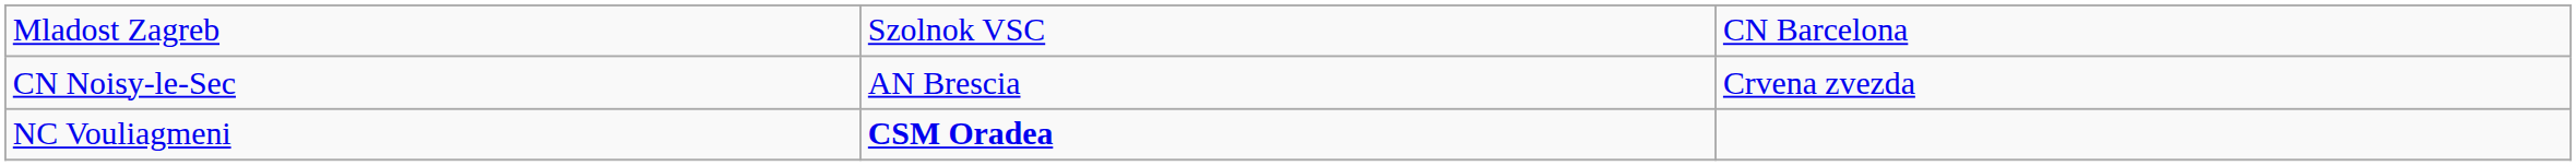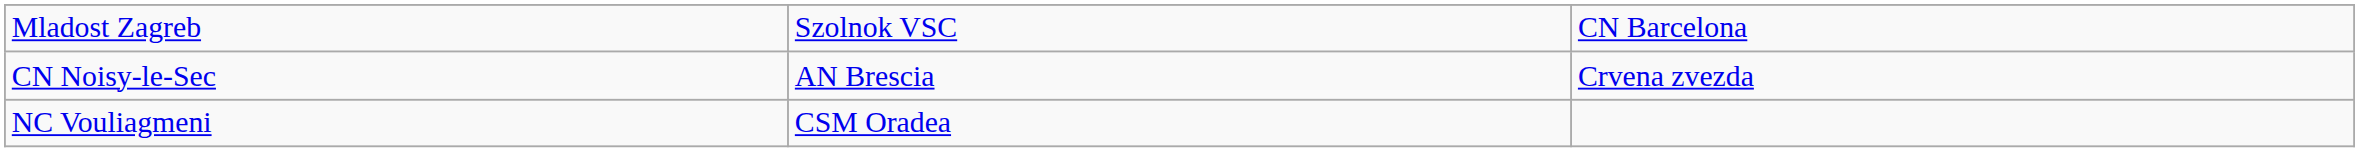 <table class="wikitable" style="table-layout:fixed;width:100%;">
 <tr>
 <td width=25%> <a href='#'>Mladost Zagreb</a></td>
 <td width=25%> <a href='#'>Szolnok VSC</a></td>
 <td width=25%> <a href='#'>CN Barcelona</a></td>
 </tr>
 <tr>
 <td width=25%> <a href='#'>CN Noisy-le-Sec</a></td>
 <td width=25%> <a href='#'>AN Brescia</a></td>
 <td width=25%> <a href='#'>Crvena zvezda</a></td>
 </tr>
 <tr>
 <td width=25%> <a href='#'>NC Vouliagmeni</a></td>
-<td width=25%><strong> <a href='#'>CSM Oradea</a></strong></td>
+<td width=25%> <a href='#'>CSM Oradea</a></td>
 </tr>
 </table>
